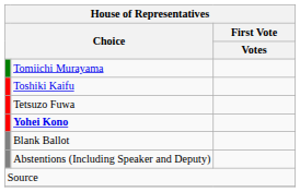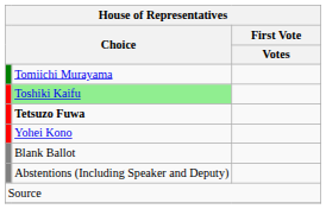 <table class="wikitable" style="font-size:90%;">
 <tr>
 <th colspan="4">House of Representatives</th>
 </tr>
 <tr>
 <th align="left" rowspan="2" colspan="2" width="100">Choice</th>
 <th colspan="2">First Vote</th>
 </tr>
 <tr>
 <th width="100">Votes</th>
 </tr>
 <tr style=>
 <td width="1" bgcolor="green"></td>
 <td align="left"><a href='#'>Tomiichi Murayama</a></td>
 <td></td>
 </tr>
 <tr>
 <td bgcolor="red"></td>
-<td align="left"><a href='#'>Toshiki Kaifu</a></td>
+<td align="left" style="background: lightgreen;"><a href='#'>Toshiki Kaifu</a></td>
 <td></td>
 </tr>
 <tr>
 <td bgcolor="red"></td>
-<td align="left">Tetsuzo Fuwa</td>
+<td align="left"><strong>Tetsuzo Fuwa</strong></td>
 <td></td>
 </tr>
 <tr>
 <td bgcolor="red"></td>
-<td align="left"><strong><a href='#'>Yohei Kono</a></strong></td>
+<td align="left"><a href='#'>Yohei Kono</a></td>
 <td></td>
 </tr>
 <tr>
 <td bgcolor="gray"></td>
 <td align="left">Blank Ballot</td>
 <td></td>
 </tr>
 <tr>
 <td bgcolor="gray"></td>
 <td align="left">Abstentions (Including Speaker and Deputy)</td>
 <td></td>
 </tr>
 <tr>
 <td colspan=3>Source </td>
 </tr>
 <tr>
 </tr>
 </table>
